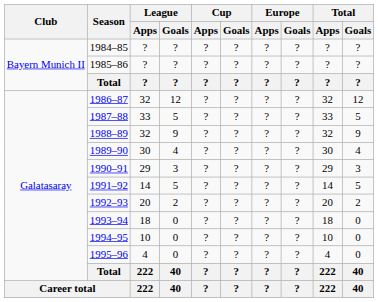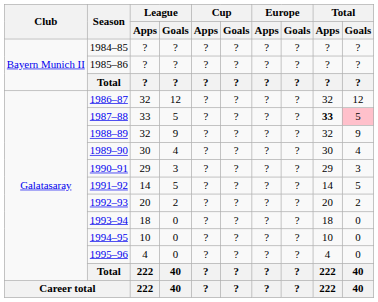 <table class="wikitable" style="text-align: center;">
 <tr>
 <th rowspan="2">Club</th>
 <th rowspan="2">Season</th>
 <th colspan="2">League</th>
 <th colspan="2">Cup</th>
 <th colspan="2">Europe</th>
 <th colspan="2">Total</th>
 </tr>
 <tr>
 <th>Apps</th>
 <th>Goals</th>
 <th>Apps</th>
 <th>Goals</th>
 <th>Apps</th>
 <th>Goals</th>
 <th>Apps</th>
 <th>Goals</th>
 </tr>
 <tr>
 <td rowspan="3" valign="center"><a href='#'>Bayern Munich II</a></td>
 <td>1984–85</td>
 <td>?</td>
 <td>?</td>
 <td>?</td>
 <td>?</td>
 <td>?</td>
 <td>?</td>
 <td>?</td>
 <td>?</td>
 </tr>
 <tr>
 <td>1985–86</td>
 <td>?</td>
 <td>?</td>
 <td>?</td>
 <td>?</td>
 <td>?</td>
 <td>?</td>
 <td>?</td>
 <td>?</td>
 </tr>
 <tr>
 <th>Total</th>
 <th>?</th>
 <th>?</th>
 <th>?</th>
 <th>?</th>
 <th>?</th>
 <th>?</th>
 <th>?</th>
 <th>?</th>
 </tr>
 <tr>
 <td rowspan="11" valign="center"><a href='#'>Galatasaray</a></td>
 <td><a href='#'>1986–87</a></td>
 <td>32</td>
 <td>12</td>
 <td>?</td>
 <td>?</td>
 <td>?</td>
 <td>?</td>
 <td>32</td>
 <td>12</td>
 </tr>
 <tr>
 <td><a href='#'>1987–88</a></td>
 <td>33</td>
 <td>5</td>
 <td>?</td>
 <td>?</td>
 <td>?</td>
 <td>?</td>
-<td>33</td>
-<td>5</td>
+<td><strong>33</strong></td>
+<td style="background: pink;">5</td>
 </tr>
 <tr>
 <td><a href='#'>1988–89</a></td>
 <td>32</td>
 <td>9</td>
 <td>?</td>
 <td>?</td>
 <td>?</td>
 <td>?</td>
 <td>32</td>
 <td>9</td>
 </tr>
 <tr>
 <td><a href='#'>1989–90</a></td>
 <td>30</td>
 <td>4</td>
 <td>?</td>
 <td>?</td>
 <td>?</td>
 <td>?</td>
 <td>30</td>
 <td>4</td>
 </tr>
 <tr>
 <td><a href='#'>1990–91</a></td>
 <td>29</td>
 <td>3</td>
 <td>?</td>
 <td>?</td>
 <td>?</td>
 <td>?</td>
 <td>29</td>
 <td>3</td>
 </tr>
 <tr>
 <td><a href='#'>1991–92</a></td>
 <td>14</td>
 <td>5</td>
 <td>?</td>
 <td>?</td>
 <td>?</td>
 <td>?</td>
 <td>14</td>
 <td>5</td>
 </tr>
 <tr>
 <td><a href='#'>1992–93</a></td>
 <td>20</td>
 <td>2</td>
 <td>?</td>
 <td>?</td>
 <td>?</td>
 <td>?</td>
 <td>20</td>
 <td>2</td>
 </tr>
 <tr>
 <td><a href='#'>1993–94</a></td>
 <td>18</td>
 <td>0</td>
 <td>?</td>
 <td>?</td>
 <td>?</td>
 <td>?</td>
 <td>18</td>
 <td>0</td>
 </tr>
 <tr>
 <td><a href='#'>1994–95</a></td>
 <td>10</td>
 <td>0</td>
 <td>?</td>
 <td>?</td>
 <td>?</td>
 <td>?</td>
 <td>10</td>
 <td>0</td>
 </tr>
 <tr>
 <td><a href='#'>1995–96</a></td>
 <td>4</td>
 <td>0</td>
 <td>?</td>
 <td>?</td>
 <td>?</td>
 <td>?</td>
 <td>4</td>
 <td>0</td>
 </tr>
 <tr>
 <th>Total</th>
 <th>222</th>
 <th>40</th>
 <th>?</th>
 <th>?</th>
 <th>?</th>
 <th>?</th>
 <th>222</th>
 <th>40</th>
 </tr>
 <tr>
 <th colspan="2">Career total</th>
 <th>222</th>
 <th>40</th>
 <th>?</th>
 <th>?</th>
 <th>?</th>
 <th>?</th>
 <th>222</th>
 <th>40</th>
 </tr>
 </table>
